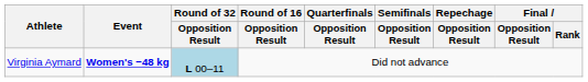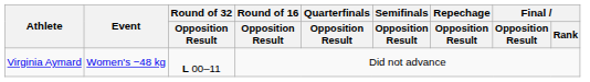 <table class="wikitable" style="font-size:90%">
 <tr>
 <th rowspan="2">Athlete</th>
 <th rowspan="2">Event</th>
 <th>Round of 32</th>
 <th>Round of 16</th>
 <th>Quarterfinals</th>
 <th>Semifinals</th>
 <th>Repechage</th>
 <th colspan=2>Final / </th>
 </tr>
 <tr style="font-size:95%">
 <th>Opposition<br>Result</th>
 <th>Opposition<br>Result</th>
 <th>Opposition<br>Result</th>
 <th>Opposition<br>Result</th>
 <th>Opposition<br>Result</th>
 <th>Opposition<br>Result</th>
 <th>Rank</th>
 </tr>
 <tr align=center>
 <td align=left><a href='#'>Virginia Aymard</a></td>
-<td align=left><strong><a href='#'>Women's −48 kg</a></strong></td>
-<td style="background: lightblue;"><br><strong>L</strong> 00–11</td>
+<td align=left><a href='#'>Women's −48 kg</a></td>
+<td><br><strong>L</strong> 00–11</td>
 <td colspan=6>Did not advance</td>
 </tr>
 </table>
